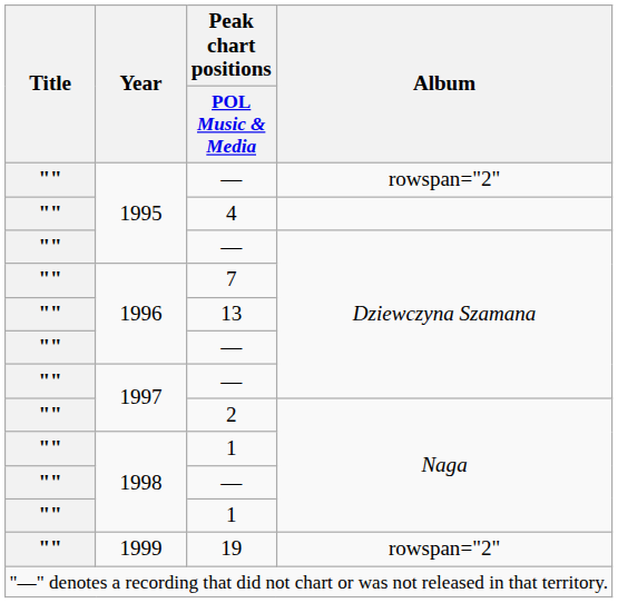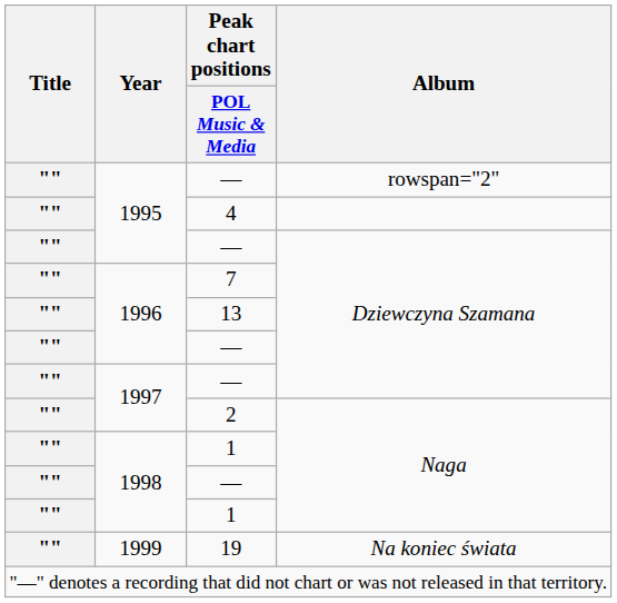 <table class="wikitable plainrowheaders" style="text-align:center;">
 <tr>
 <th rowspan="2" scope="col">Title</th>
 <th rowspan="2" scope="col">Year</th>
 <th scope="col">Peak chart positions</th>
 <th rowspan="2" scope="col">Album</th>
 </tr>
 <tr>
 <th scope="col" style="width:3em;font-size:90%;"><a href='#'>POL<br><em>Music & Media</em></a><br></th>
 </tr>
 <tr>
 <th scope="row">""</th>
 <td rowspan="3">1995</td>
 <td>—</td>
 <td>rowspan="2" </td>
 </tr>
 <tr>
 <th scope="row">""</th>
 <td>4</td>
 </tr>
 <tr>
 <th scope="row">""</th>
 <td>—</td>
 <td rowspan="5"><em>Dziewczyna Szamana</em></td>
 </tr>
 <tr>
 <th scope="row">""</th>
 <td rowspan="3">1996</td>
 <td>7</td>
 </tr>
 <tr>
 <th scope="row">""</th>
 <td>13</td>
 </tr>
 <tr>
 <th scope="row">""</th>
 <td>—</td>
 </tr>
 <tr>
 <th scope="row">""</th>
 <td rowspan="2">1997</td>
 <td>—</td>
 </tr>
 <tr>
 <th scope="row">""</th>
 <td>2</td>
 <td rowspan="4"><em>Naga</em></td>
 </tr>
 <tr>
 <th scope="row">""</th>
 <td rowspan="3">1998</td>
 <td>1</td>
 </tr>
 <tr>
 <th scope="row">""</th>
 <td>—</td>
 </tr>
 <tr>
 <th scope="row">""</th>
 <td>1</td>
 </tr>
 <tr>
 <th scope="row">""</th>
 <td>1999</td>
 <td>19</td>
-<td>rowspan="2" </td>
+<td><em>Na koniec świata</em></td>
 </tr>
 <tr>
 <td colspan="4" style="font-size:90%">"—" denotes a recording that did not chart or was not released in that territory.</td>
 </tr>
 </table>
